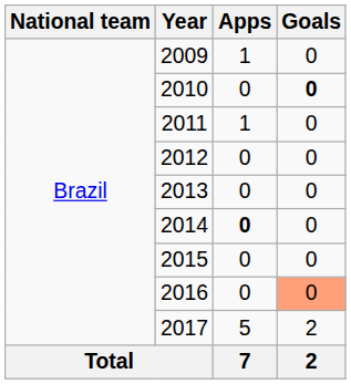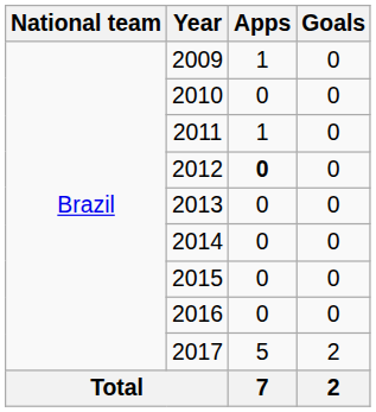 <table class="wikitable" style="text-align:center">
 <tr>
 <th>National team</th>
 <th>Year</th>
 <th>Apps</th>
 <th>Goals</th>
 </tr>
 <tr>
 <td rowspan="9"><a href='#'>Brazil</a></td>
 <td>2009</td>
 <td>1</td>
 <td>0</td>
 </tr>
 <tr>
 <td>2010</td>
 <td>0</td>
-<td><strong>0</strong></td>
+<td>0</td>
 </tr>
 <tr>
 <td>2011</td>
 <td>1</td>
 <td>0</td>
 </tr>
 <tr>
 <td>2012</td>
-<td>0</td>
+<td><strong>0</strong></td>
 <td>0</td>
 </tr>
 <tr>
 <td>2013</td>
 <td>0</td>
 <td>0</td>
 </tr>
 <tr>
 <td>2014</td>
-<td><strong>0</strong></td>
+<td>0</td>
 <td>0</td>
 </tr>
 <tr>
 <td>2015</td>
 <td>0</td>
 <td>0</td>
 </tr>
 <tr>
 <td>2016</td>
 <td>0</td>
-<td style="background: lightsalmon;">0</td>
+<td>0</td>
 </tr>
 <tr>
 <td>2017</td>
 <td>5</td>
 <td>2</td>
 </tr>
 <tr>
 <th colspan="2">Total</th>
 <th>7</th>
 <th>2</th>
 </tr>
 </table>
